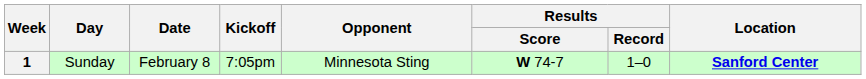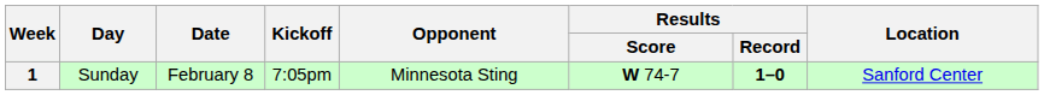 <table class="wikitable">
 <tr>
 <th rowspan="2" width="40">Week</th>
 <th rowspan="2" width="80">Day</th>
 <th rowspan="2" width="90">Date</th>
 <th rowspan="2" width="60">Kickoff</th>
 <th rowspan="2" width="200">Opponent</th>
 <th colspan="2" width="200">Results</th>
 <th rowspan="2" width="200">Location</th>
 </tr>
 <tr>
 <th width="140">Score</th>
 <th width="60">Record</th>
 </tr>
 <tr align="center" bgcolor="#CCFFCC">
 <th>1</th>
 <td>Sunday</td>
 <td>February 8</td>
 <td>7:05pm</td>
 <td>Minnesota Sting</td>
 <td><strong>W</strong> 74-7</td>
-<td>1–0</td>
-<td><strong><a href='#'>Sanford Center</a></strong></td>
+<td><strong>1–0</strong></td>
+<td><a href='#'>Sanford Center</a></td>
 </tr>
 </table>
